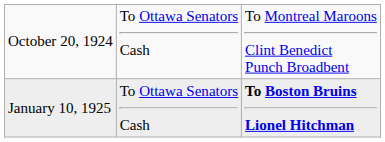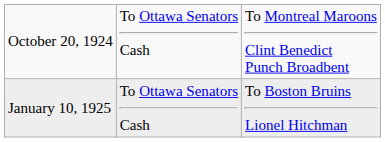 <table class="wikitable">
 <tr>
 <td>October 20, 1924</td>
 <td valign="top">To <a href='#'>Ottawa Senators</a><hr>Cash</td>
 <td valign="top">To <a href='#'>Montreal Maroons</a><hr><a href='#'>Clint Benedict</a><br><a href='#'>Punch Broadbent</a></td>
 </tr>
 <tr style="background:#eee;">
 <td>January 10, 1925</td>
 <td valign="top">To <a href='#'>Ottawa Senators</a><hr>Cash</td>
-<td valign="top"><strong>To <a href='#'>Boston Bruins</a><hr><a href='#'>Lionel Hitchman</a></strong></td>
+<td valign="top">To <a href='#'>Boston Bruins</a><hr><a href='#'>Lionel Hitchman</a></td>
 </tr>
 </table>
